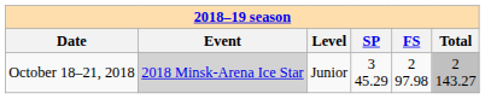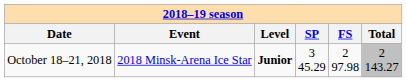 <table class="wikitable">
 <tr>
 <td style="background-color: #ffdead; " colspan=6 align=center><a href='#'><strong>2018–19 season</strong></a></td>
 </tr>
 <tr>
 <th>Date</th>
 <th>Event</th>
 <th>Level</th>
 <th><a href='#'>SP</a></th>
 <th><a href='#'>FS</a></th>
 <th>Total</th>
 </tr>
 <tr>
 <td>October 18–21, 2018</td>
-<td style="background: lightgrey;"><a href='#'>2018 Minsk-Arena Ice Star</a></td>
-<td>Junior</td>
+<td><a href='#'>2018 Minsk-Arena Ice Star</a></td>
+<td><strong>Junior</strong></td>
 <td align=center>3 <br> 45.29</td>
 <td align=center>2 <br> 97.98</td>
 <td align=center bgcolor=silver>2 <br> 143.27</td>
 </tr>
 </table>
